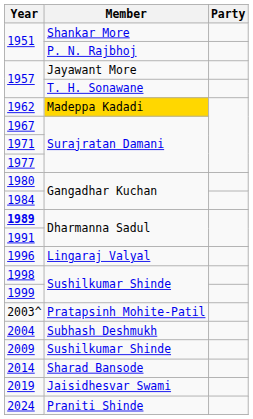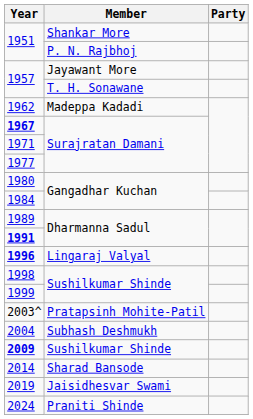 <table class="wikitable">
 <tr>
 <th>Year</th>
 <th>Member</th>
 <th colspan="2">Party</th>
 </tr>
 <tr>
 <td rowspan="2"><a href='#'>1951</a></td>
 <td><a href='#'>Shankar More</a></td>
 <td></td>
 </tr>
 <tr>
 <td><a href='#'>P. N. Rajbhoj</a></td>
 <td></td>
 </tr>
 <tr>
 <td rowspan="2"><a href='#'>1957</a></td>
 <td>Jayawant More</td>
 <td></td>
 </tr>
 <tr>
 <td><a href='#'>T. H. Sonawane</a></td>
 <td></td>
 </tr>
 <tr>
 <td><a href='#'>1962</a></td>
-<td style="background: gold;">Madeppa Kadadi</td>
+<td>Madeppa Kadadi</td>
 </tr>
 <tr>
-<td><a href='#'>1967</a></td>
+<td><strong><a href='#'>1967</a></strong></td>
 <td rowspan="3"><a href='#'>Surajratan Damani</a></td>
 </tr>
 <tr>
 <td><a href='#'>1971</a></td>
 </tr>
 <tr>
 <td><a href='#'>1977</a></td>
 </tr>
 <tr>
 <td><a href='#'>1980</a></td>
 <td rowspan="2">Gangadhar Kuchan</td>
 <td></td>
 </tr>
 <tr>
 <td><a href='#'>1984</a></td>
 <td></td>
 </tr>
 <tr>
-<td><strong><a href='#'>1989</a></strong></td>
+<td><a href='#'>1989</a></td>
 <td rowspan="2">Dharmanna Sadul</td>
 </tr>
 <tr>
-<td><a href='#'>1991</a></td>
+<td><strong><a href='#'>1991</a></strong></td>
 </tr>
 <tr>
-<td><a href='#'>1996</a></td>
+<td><strong><a href='#'>1996</a></strong></td>
 <td><a href='#'>Lingaraj Valyal</a></td>
 <td></td>
 </tr>
 <tr>
 <td><a href='#'>1998</a></td>
 <td rowspan="2"><a href='#'>Sushilkumar Shinde</a></td>
 <td></td>
 </tr>
 <tr>
 <td><a href='#'>1999</a></td>
 </tr>
 <tr>
 <td>2003^</td>
 <td><a href='#'>Pratapsinh Mohite-Patil</a></td>
 <td></td>
 </tr>
 <tr>
 <td><a href='#'>2004</a></td>
 <td><a href='#'>Subhash Deshmukh</a></td>
 </tr>
 <tr>
-<td><a href='#'>2009</a></td>
+<td><strong><a href='#'>2009</a></strong></td>
 <td><a href='#'>Sushilkumar Shinde</a></td>
 <td></td>
 </tr>
 <tr>
 <td><a href='#'>2014</a></td>
 <td><a href='#'>Sharad Bansode</a></td>
 <td></td>
 </tr>
 <tr>
 <td><a href='#'>2019</a></td>
 <td><a href='#'>Jaisidhesvar Swami</a></td>
 </tr>
 <tr>
 <td><a href='#'>2024</a></td>
 <td><a href='#'>Praniti Shinde</a></td>
 <td></td>
 </tr>
 </table>
